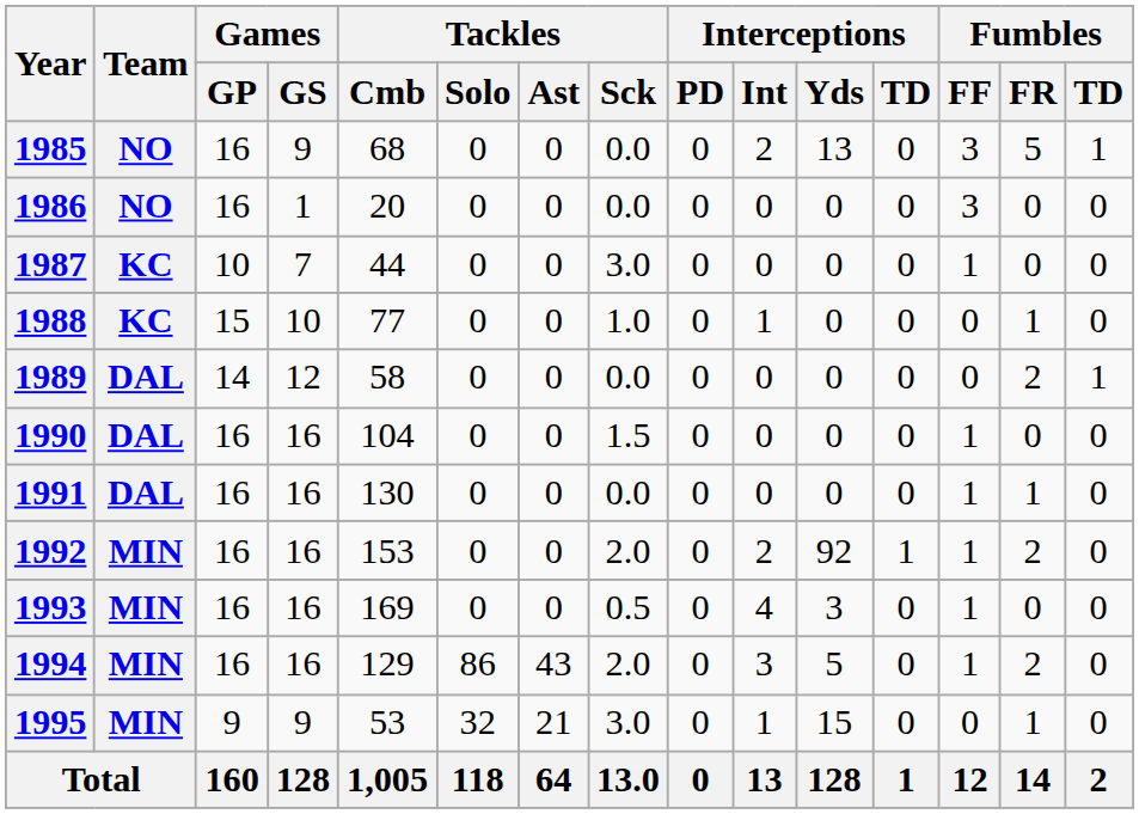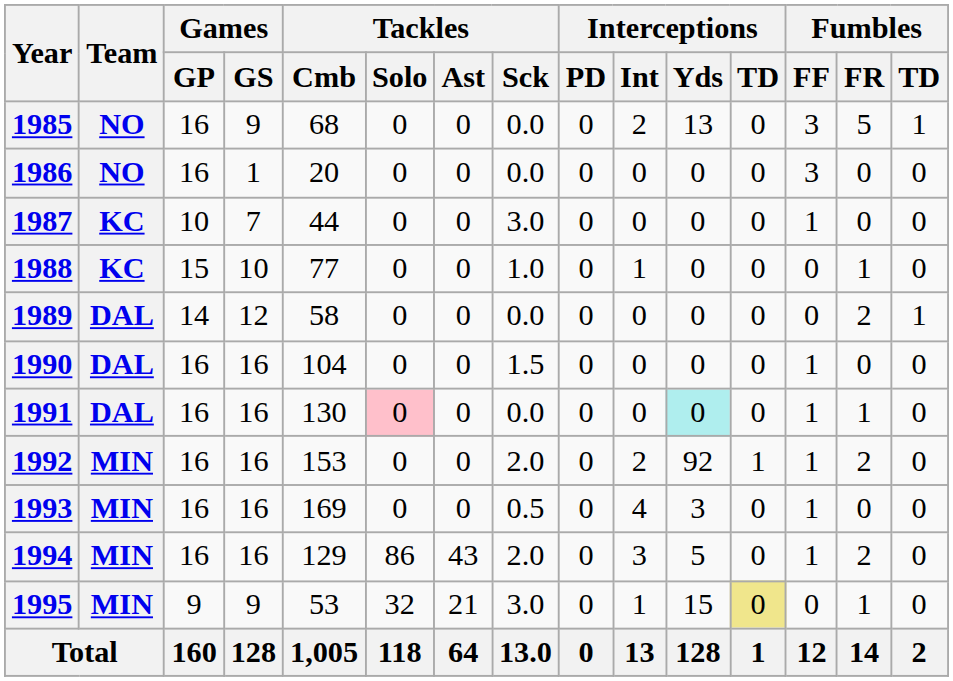 <table class="wikitable" style="text-align:center;">
 <tr>
 <th rowspan="2">Year</th>
 <th rowspan="2">Team</th>
 <th colspan="2">Games</th>
 <th colspan="4">Tackles</th>
 <th colspan="4">Interceptions</th>
 <th colspan="3">Fumbles</th>
 </tr>
 <tr>
 <th>GP</th>
 <th>GS</th>
 <th>Cmb</th>
 <th>Solo</th>
 <th>Ast</th>
 <th>Sck</th>
 <th>PD</th>
 <th>Int</th>
 <th>Yds</th>
 <th>TD</th>
 <th>FF</th>
 <th>FR</th>
 <th>TD</th>
 </tr>
 <tr>
 <th><a href='#'>1985</a></th>
 <th><a href='#'>NO</a></th>
 <td>16</td>
 <td>9</td>
 <td>68</td>
 <td>0</td>
 <td>0</td>
 <td>0.0</td>
 <td>0</td>
 <td>2</td>
 <td>13</td>
 <td>0</td>
 <td>3</td>
 <td>5</td>
 <td>1</td>
 </tr>
 <tr>
 <th><a href='#'>1986</a></th>
 <th><a href='#'>NO</a></th>
 <td>16</td>
 <td>1</td>
 <td>20</td>
 <td>0</td>
 <td>0</td>
 <td>0.0</td>
 <td>0</td>
 <td>0</td>
 <td>0</td>
 <td>0</td>
 <td>3</td>
 <td>0</td>
 <td>0</td>
 </tr>
 <tr>
 <th><a href='#'>1987</a></th>
 <th><a href='#'>KC</a></th>
 <td>10</td>
 <td>7</td>
 <td>44</td>
 <td>0</td>
 <td>0</td>
 <td>3.0</td>
 <td>0</td>
 <td>0</td>
 <td>0</td>
 <td>0</td>
 <td>1</td>
 <td>0</td>
 <td>0</td>
 </tr>
 <tr>
 <th><a href='#'>1988</a></th>
 <th><a href='#'>KC</a></th>
 <td>15</td>
 <td>10</td>
 <td>77</td>
 <td>0</td>
 <td>0</td>
 <td>1.0</td>
 <td>0</td>
 <td>1</td>
 <td>0</td>
 <td>0</td>
 <td>0</td>
 <td>1</td>
 <td>0</td>
 </tr>
 <tr>
 <th><a href='#'>1989</a></th>
 <th><a href='#'>DAL</a></th>
 <td>14</td>
 <td>12</td>
 <td>58</td>
 <td>0</td>
 <td>0</td>
 <td>0.0</td>
 <td>0</td>
 <td>0</td>
 <td>0</td>
 <td>0</td>
 <td>0</td>
 <td>2</td>
 <td>1</td>
 </tr>
 <tr>
 <th><a href='#'>1990</a></th>
 <th><a href='#'>DAL</a></th>
 <td>16</td>
 <td>16</td>
 <td>104</td>
 <td>0</td>
 <td>0</td>
 <td>1.5</td>
 <td>0</td>
 <td>0</td>
 <td>0</td>
 <td>0</td>
 <td>1</td>
 <td>0</td>
 <td>0</td>
 </tr>
 <tr>
 <th><a href='#'>1991</a></th>
 <th><a href='#'>DAL</a></th>
 <td>16</td>
 <td>16</td>
 <td>130</td>
-<td>0</td>
+<td style="background: pink;">0</td>
 <td>0</td>
 <td>0.0</td>
 <td>0</td>
 <td>0</td>
-<td>0</td>
+<td style="background: paleturquoise;">0</td>
 <td>0</td>
 <td>1</td>
 <td>1</td>
 <td>0</td>
 </tr>
 <tr>
 <th><a href='#'>1992</a></th>
 <th><a href='#'>MIN</a></th>
 <td>16</td>
 <td>16</td>
 <td>153</td>
 <td>0</td>
 <td>0</td>
 <td>2.0</td>
 <td>0</td>
 <td>2</td>
 <td>92</td>
 <td>1</td>
 <td>1</td>
 <td>2</td>
 <td>0</td>
 </tr>
 <tr>
 <th><a href='#'>1993</a></th>
 <th><a href='#'>MIN</a></th>
 <td>16</td>
 <td>16</td>
 <td>169</td>
 <td>0</td>
 <td>0</td>
 <td>0.5</td>
 <td>0</td>
 <td>4</td>
 <td>3</td>
 <td>0</td>
 <td>1</td>
 <td>0</td>
 <td>0</td>
 </tr>
 <tr>
 <th><a href='#'>1994</a></th>
 <th><a href='#'>MIN</a></th>
 <td>16</td>
 <td>16</td>
 <td>129</td>
 <td>86</td>
 <td>43</td>
 <td>2.0</td>
 <td>0</td>
 <td>3</td>
 <td>5</td>
 <td>0</td>
 <td>1</td>
 <td>2</td>
 <td>0</td>
 </tr>
 <tr>
 <th><a href='#'>1995</a></th>
 <th><a href='#'>MIN</a></th>
 <td>9</td>
 <td>9</td>
 <td>53</td>
 <td>32</td>
 <td>21</td>
 <td>3.0</td>
 <td>0</td>
 <td>1</td>
 <td>15</td>
-<td>0</td>
+<td style="background: khaki;">0</td>
 <td>0</td>
 <td>1</td>
 <td>0</td>
 </tr>
 <tr>
 <th colspan="2">Total</th>
 <th>160</th>
 <th>128</th>
 <th>1,005</th>
 <th>118</th>
 <th>64</th>
 <th>13.0</th>
 <th>0</th>
 <th>13</th>
 <th>128</th>
 <th>1</th>
 <th>12</th>
 <th>14</th>
 <th>2</th>
 </tr>
 </table>
